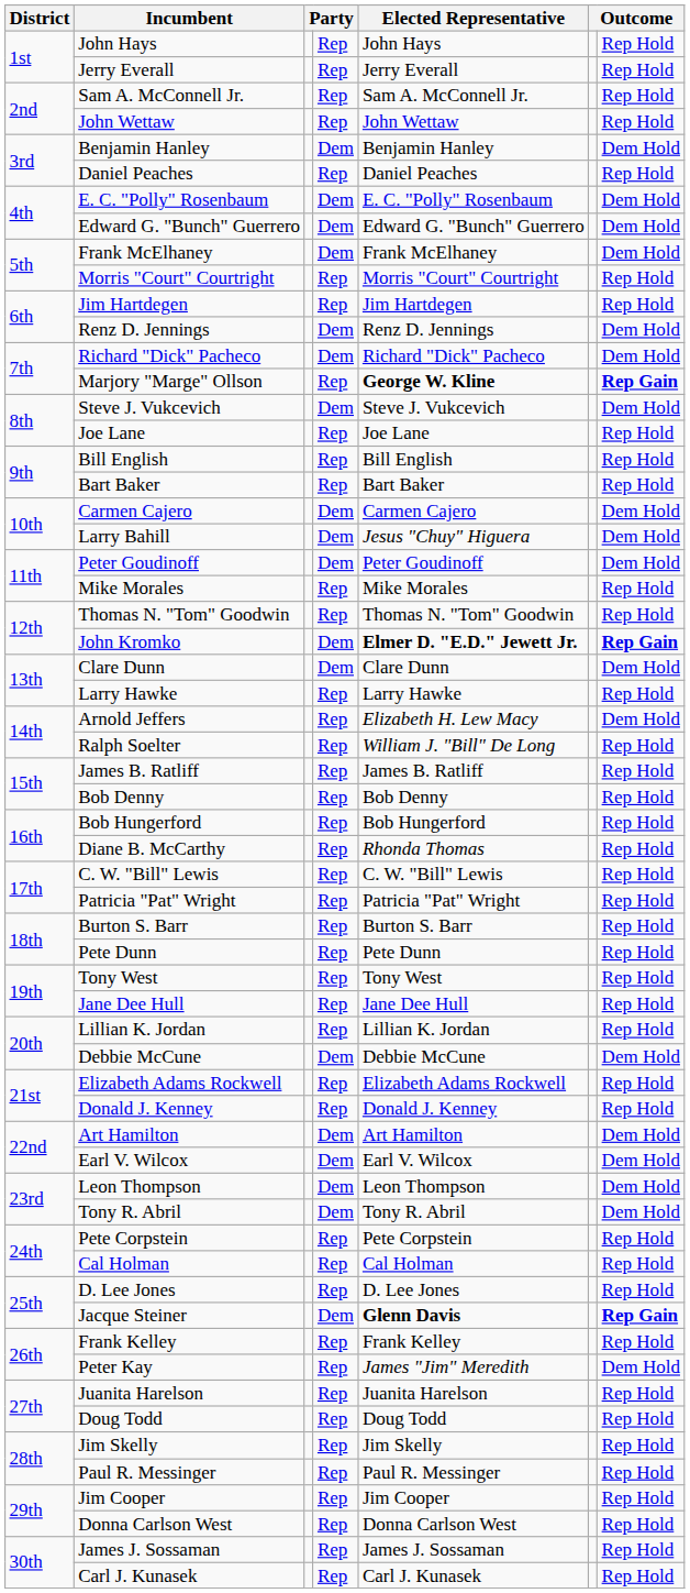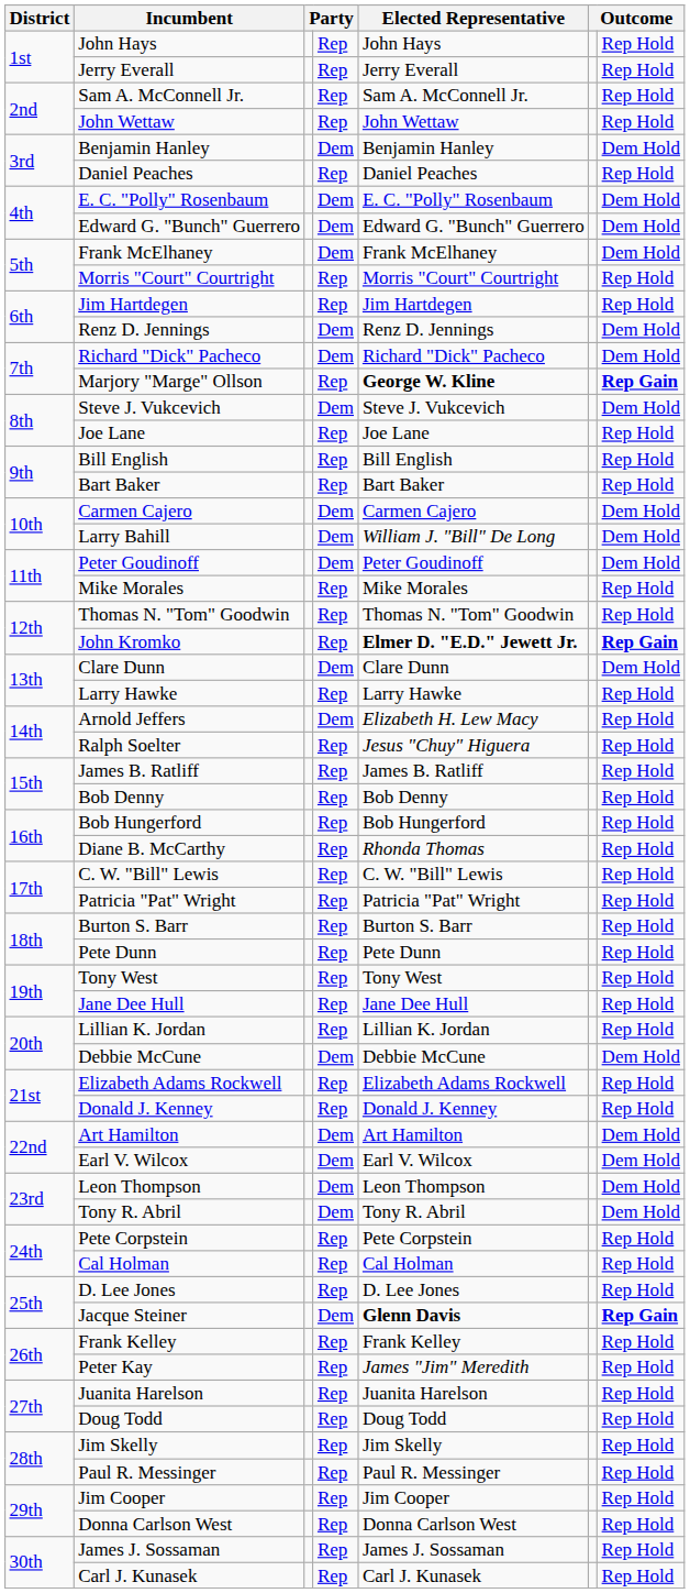 <table class="sortable wikitable" style="font-size:95%;line-height:14px;">
 <tr>
 <th>District</th>
 <th>Incumbent</th>
 <th colspan="2">Party</th>
 <th>Elected Representative</th>
 <th colspan="2">Outcome</th>
 </tr>
 <tr>
 <td rowspan="2"><a href='#'>1st</a></td>
 <td>John Hays</td>
 <td style="background:"></td>
 <td><a href='#'>Rep</a></td>
 <td>John Hays</td>
 <td style="background:"></td>
 <td><a href='#'>Rep Hold</a></td>
 </tr>
 <tr>
 <td>Jerry Everall</td>
 <td style="background:"></td>
 <td><a href='#'>Rep</a></td>
 <td>Jerry Everall</td>
 <td style="background:"></td>
 <td><a href='#'>Rep Hold</a></td>
 </tr>
 <tr>
 <td rowspan="2"><a href='#'>2nd</a></td>
 <td>Sam A. McConnell Jr.</td>
 <td style="background:"></td>
 <td><a href='#'>Rep</a></td>
 <td>Sam A. McConnell Jr.</td>
 <td style="background:"></td>
 <td><a href='#'>Rep Hold</a></td>
 </tr>
 <tr>
 <td><a href='#'>John Wettaw</a></td>
 <td style="background:"></td>
 <td><a href='#'>Rep</a></td>
 <td><a href='#'>John Wettaw</a></td>
 <td style="background:"></td>
 <td><a href='#'>Rep Hold</a></td>
 </tr>
 <tr>
 <td rowspan="2"><a href='#'>3rd</a></td>
 <td>Benjamin Hanley</td>
 <td style="background:"></td>
 <td><a href='#'>Dem</a></td>
 <td>Benjamin Hanley</td>
 <td style="background:"></td>
 <td><a href='#'>Dem Hold</a></td>
 </tr>
 <tr>
 <td>Daniel Peaches</td>
 <td style="background:"></td>
 <td><a href='#'>Rep</a></td>
 <td>Daniel Peaches</td>
 <td style="background:"></td>
 <td><a href='#'>Rep Hold</a></td>
 </tr>
 <tr>
 <td rowspan="2"><a href='#'>4th</a></td>
 <td><a href='#'>E. C. "Polly" Rosenbaum</a></td>
 <td style="background:"></td>
 <td><a href='#'>Dem</a></td>
 <td><a href='#'>E. C. "Polly" Rosenbaum</a></td>
 <td style="background:"></td>
 <td><a href='#'>Dem Hold</a></td>
 </tr>
 <tr>
 <td>Edward G. "Bunch" Guerrero</td>
 <td style="background:"></td>
 <td><a href='#'>Dem</a></td>
 <td>Edward G. "Bunch" Guerrero</td>
 <td style="background:"></td>
 <td><a href='#'>Dem Hold</a></td>
 </tr>
 <tr>
 <td rowspan="2"><a href='#'>5th</a></td>
 <td>Frank McElhaney</td>
 <td style="background:"></td>
 <td><a href='#'>Dem</a></td>
 <td>Frank McElhaney</td>
 <td style="background:"></td>
 <td><a href='#'>Dem Hold</a></td>
 </tr>
 <tr>
 <td><a href='#'>Morris "Court" Courtright</a></td>
 <td style="background:"></td>
 <td><a href='#'>Rep</a></td>
 <td><a href='#'>Morris "Court" Courtright</a></td>
 <td style="background:"></td>
 <td><a href='#'>Rep Hold</a></td>
 </tr>
 <tr>
 <td rowspan="2"><a href='#'>6th</a></td>
 <td><a href='#'>Jim Hartdegen</a></td>
 <td style="background:"></td>
 <td><a href='#'>Rep</a></td>
 <td><a href='#'>Jim Hartdegen</a></td>
 <td style="background:"></td>
 <td><a href='#'>Rep Hold</a></td>
 </tr>
 <tr>
 <td>Renz D. Jennings</td>
 <td style="background:"></td>
 <td><a href='#'>Dem</a></td>
 <td>Renz D. Jennings</td>
 <td style="background:"></td>
 <td><a href='#'>Dem Hold</a></td>
 </tr>
 <tr>
 <td rowspan="2"><a href='#'>7th</a></td>
 <td><a href='#'>Richard "Dick" Pacheco</a></td>
 <td style="background:"></td>
 <td><a href='#'>Dem</a></td>
 <td><a href='#'>Richard "Dick" Pacheco</a></td>
 <td style="background:"></td>
 <td><a href='#'>Dem Hold</a></td>
 </tr>
 <tr>
 <td>Marjory "Marge" Ollson</td>
 <td style="background:"></td>
 <td><a href='#'>Rep</a></td>
 <td><strong>George W. Kline</strong></td>
 <td style="background:"></td>
 <td><strong><a href='#'>Rep Gain</a></strong></td>
 </tr>
 <tr>
 <td rowspan="2"><a href='#'>8th</a></td>
 <td>Steve J. Vukcevich</td>
 <td style="background:"></td>
 <td><a href='#'>Dem</a></td>
 <td>Steve J. Vukcevich</td>
 <td style="background:"></td>
 <td><a href='#'>Dem Hold</a></td>
 </tr>
 <tr>
 <td>Joe Lane</td>
 <td style="background:"></td>
 <td><a href='#'>Rep</a></td>
 <td>Joe Lane</td>
 <td style="background:"></td>
 <td><a href='#'>Rep Hold</a></td>
 </tr>
 <tr>
 <td rowspan="2"><a href='#'>9th</a></td>
 <td>Bill English</td>
 <td style="background:"></td>
 <td><a href='#'>Rep</a></td>
 <td>Bill English</td>
 <td style="background:"></td>
 <td><a href='#'>Rep Hold</a></td>
 </tr>
 <tr>
 <td>Bart Baker</td>
 <td style="background:"></td>
 <td><a href='#'>Rep</a></td>
 <td>Bart Baker</td>
 <td style="background:"></td>
 <td><a href='#'>Rep Hold</a></td>
 </tr>
 <tr>
 <td rowspan="2"><a href='#'>10th</a></td>
 <td><a href='#'>Carmen Cajero</a></td>
 <td style="background:"></td>
 <td><a href='#'>Dem</a></td>
 <td><a href='#'>Carmen Cajero</a></td>
 <td style="background:"></td>
 <td><a href='#'>Dem Hold</a></td>
 </tr>
 <tr>
 <td>Larry Bahill</td>
 <td style="background:"></td>
 <td><a href='#'>Dem</a></td>
-<td><em>Jesus "Chuy" Higuera</em></td>
+<td><em>William J. "Bill" De Long</em></td>
 <td style="background:"></td>
 <td><a href='#'>Dem Hold</a></td>
 </tr>
 <tr>
 <td rowspan="2"><a href='#'>11th</a></td>
 <td><a href='#'>Peter Goudinoff</a></td>
 <td style="background:"></td>
 <td><a href='#'>Dem</a></td>
 <td><a href='#'>Peter Goudinoff</a></td>
 <td style="background:"></td>
 <td><a href='#'>Dem Hold</a></td>
 </tr>
 <tr>
 <td>Mike Morales</td>
 <td style="background:"></td>
 <td><a href='#'>Rep</a></td>
 <td>Mike Morales</td>
 <td style="background:"></td>
 <td><a href='#'>Rep Hold</a></td>
 </tr>
 <tr>
 <td rowspan="2"><a href='#'>12th</a></td>
 <td>Thomas N. "Tom" Goodwin</td>
 <td style="background:"></td>
 <td><a href='#'>Rep</a></td>
 <td>Thomas N. "Tom" Goodwin</td>
 <td style="background:"></td>
 <td><a href='#'>Rep Hold</a></td>
 </tr>
 <tr>
 <td><a href='#'>John Kromko</a></td>
 <td style="background:"></td>
-<td><a href='#'>Dem</a></td>
+<td><a href='#'>Rep</a></td>
 <td><strong>Elmer D. "E.D." Jewett Jr.</strong></td>
 <td style="background:"></td>
 <td><strong><a href='#'>Rep Gain</a></strong></td>
 </tr>
 <tr>
 <td rowspan="2"><a href='#'>13th</a></td>
 <td>Clare Dunn</td>
 <td style="background:"></td>
 <td><a href='#'>Dem</a></td>
 <td>Clare Dunn</td>
 <td style="background:"></td>
 <td><a href='#'>Dem Hold</a></td>
 </tr>
 <tr>
 <td>Larry Hawke</td>
 <td style="background:"></td>
 <td><a href='#'>Rep</a></td>
 <td>Larry Hawke</td>
 <td style="background:"></td>
 <td><a href='#'>Rep Hold</a></td>
 </tr>
 <tr>
 <td rowspan="2"><a href='#'>14th</a></td>
 <td>Arnold Jeffers</td>
 <td style="background:"></td>
-<td><a href='#'>Rep</a></td>
+<td><a href='#'>Dem</a></td>
 <td><em>Elizabeth H. Lew Macy</em></td>
 <td style="background:"></td>
-<td><a href='#'>Dem Hold</a></td>
+<td><a href='#'>Rep Hold</a></td>
 </tr>
 <tr>
 <td>Ralph Soelter</td>
 <td style="background:"></td>
 <td><a href='#'>Rep</a></td>
-<td><em>William J. "Bill" De Long</em></td>
+<td><em>Jesus "Chuy" Higuera</em></td>
 <td style="background:"></td>
 <td><a href='#'>Rep Hold</a></td>
 </tr>
 <tr>
 <td rowspan="2"><a href='#'>15th</a></td>
 <td>James B. Ratliff</td>
 <td style="background:"></td>
 <td><a href='#'>Rep</a></td>
 <td>James B. Ratliff</td>
 <td style="background:"></td>
 <td><a href='#'>Rep Hold</a></td>
 </tr>
 <tr>
 <td>Bob Denny</td>
 <td style="background:"></td>
 <td><a href='#'>Rep</a></td>
 <td>Bob Denny</td>
 <td style="background:"></td>
 <td><a href='#'>Rep Hold</a></td>
 </tr>
 <tr>
 <td rowspan="2"><a href='#'>16th</a></td>
 <td>Bob Hungerford</td>
 <td style="background:"></td>
 <td><a href='#'>Rep</a></td>
 <td>Bob Hungerford</td>
 <td style="background:"></td>
 <td><a href='#'>Rep Hold</a></td>
 </tr>
 <tr>
 <td>Diane B. McCarthy</td>
 <td style="background:"></td>
 <td><a href='#'>Rep</a></td>
 <td><em>Rhonda Thomas</em></td>
 <td style="background:"></td>
 <td><a href='#'>Rep Hold</a></td>
 </tr>
 <tr>
 <td rowspan="2"><a href='#'>17th</a></td>
 <td>C. W. "Bill" Lewis</td>
 <td style="background:"></td>
 <td><a href='#'>Rep</a></td>
 <td>C. W. "Bill" Lewis</td>
 <td style="background:"></td>
 <td><a href='#'>Rep Hold</a></td>
 </tr>
 <tr>
 <td>Patricia "Pat" Wright</td>
 <td style="background:"></td>
 <td><a href='#'>Rep</a></td>
 <td>Patricia "Pat" Wright</td>
 <td style="background:"></td>
 <td><a href='#'>Rep Hold</a></td>
 </tr>
 <tr>
 <td rowspan="2"><a href='#'>18th</a></td>
 <td>Burton S. Barr</td>
 <td style="background:"></td>
 <td><a href='#'>Rep</a></td>
 <td>Burton S. Barr</td>
 <td style="background:"></td>
 <td><a href='#'>Rep Hold</a></td>
 </tr>
 <tr>
 <td>Pete Dunn</td>
 <td style="background:"></td>
 <td><a href='#'>Rep</a></td>
 <td>Pete Dunn</td>
 <td style="background:"></td>
 <td><a href='#'>Rep Hold</a></td>
 </tr>
 <tr>
 <td rowspan="2"><a href='#'>19th</a></td>
 <td>Tony West</td>
 <td style="background:"></td>
 <td><a href='#'>Rep</a></td>
 <td>Tony West</td>
 <td style="background:"></td>
 <td><a href='#'>Rep Hold</a></td>
 </tr>
 <tr>
 <td><a href='#'>Jane Dee Hull</a></td>
 <td style="background:"></td>
 <td><a href='#'>Rep</a></td>
 <td><a href='#'>Jane Dee Hull</a></td>
 <td style="background:"></td>
 <td><a href='#'>Rep Hold</a></td>
 </tr>
 <tr>
 <td rowspan="2"><a href='#'>20th</a></td>
 <td>Lillian K. Jordan</td>
 <td style="background:"></td>
 <td><a href='#'>Rep</a></td>
 <td>Lillian K. Jordan</td>
 <td style="background:"></td>
 <td><a href='#'>Rep Hold</a></td>
 </tr>
 <tr>
 <td>Debbie McCune</td>
 <td style="background:"></td>
 <td><a href='#'>Dem</a></td>
 <td>Debbie McCune</td>
 <td style="background:"></td>
 <td><a href='#'>Dem Hold</a></td>
 </tr>
 <tr>
 <td rowspan="2"><a href='#'>21st</a></td>
 <td><a href='#'>Elizabeth Adams Rockwell</a></td>
 <td style="background:"></td>
 <td><a href='#'>Rep</a></td>
 <td><a href='#'>Elizabeth Adams Rockwell</a></td>
 <td style="background:"></td>
 <td><a href='#'>Rep Hold</a></td>
 </tr>
 <tr>
 <td><a href='#'>Donald J. Kenney</a></td>
 <td style="background:"></td>
 <td><a href='#'>Rep</a></td>
 <td><a href='#'>Donald J. Kenney</a></td>
 <td style="background:"></td>
 <td><a href='#'>Rep Hold</a></td>
 </tr>
 <tr>
 <td rowspan="2"><a href='#'>22nd</a></td>
 <td><a href='#'>Art Hamilton</a></td>
 <td style="background:"></td>
 <td><a href='#'>Dem</a></td>
 <td><a href='#'>Art Hamilton</a></td>
 <td style="background:"></td>
 <td><a href='#'>Dem Hold</a></td>
 </tr>
 <tr>
 <td>Earl V. Wilcox</td>
 <td style="background:"></td>
 <td><a href='#'>Dem</a></td>
 <td>Earl V. Wilcox</td>
 <td style="background:"></td>
 <td><a href='#'>Dem Hold</a></td>
 </tr>
 <tr>
 <td rowspan="2"><a href='#'>23rd</a></td>
 <td>Leon Thompson</td>
 <td style="background:"></td>
 <td><a href='#'>Dem</a></td>
 <td>Leon Thompson</td>
 <td style="background:"></td>
 <td><a href='#'>Dem Hold</a></td>
 </tr>
 <tr>
 <td>Tony R. Abril</td>
 <td style="background:"></td>
 <td><a href='#'>Dem</a></td>
 <td>Tony R. Abril</td>
 <td style="background:"></td>
 <td><a href='#'>Dem Hold</a></td>
 </tr>
 <tr>
 <td rowspan="2"><a href='#'>24th</a></td>
 <td>Pete Corpstein</td>
 <td style="background:"></td>
 <td><a href='#'>Rep</a></td>
 <td>Pete Corpstein</td>
 <td style="background:"></td>
 <td><a href='#'>Rep Hold</a></td>
 </tr>
 <tr>
 <td><a href='#'>Cal Holman</a></td>
 <td style="background:"></td>
 <td><a href='#'>Rep</a></td>
 <td><a href='#'>Cal Holman</a></td>
 <td style="background:"></td>
 <td><a href='#'>Rep Hold</a></td>
 </tr>
 <tr>
 <td rowspan="2"><a href='#'>25th</a></td>
 <td>D. Lee Jones</td>
 <td style="background:"></td>
 <td><a href='#'>Rep</a></td>
 <td>D. Lee Jones</td>
 <td style="background:"></td>
 <td><a href='#'>Rep Hold</a></td>
 </tr>
 <tr>
 <td>Jacque Steiner</td>
 <td style="background:"></td>
 <td><a href='#'>Dem</a></td>
 <td><strong>Glenn Davis</strong></td>
 <td style="background:"></td>
 <td><strong><a href='#'>Rep Gain</a></strong></td>
 </tr>
 <tr>
 <td rowspan="2"><a href='#'>26th</a></td>
 <td>Frank Kelley</td>
 <td style="background:"></td>
 <td><a href='#'>Rep</a></td>
 <td>Frank Kelley</td>
 <td style="background:"></td>
 <td><a href='#'>Rep Hold</a></td>
 </tr>
 <tr>
 <td>Peter Kay</td>
 <td style="background:"></td>
 <td><a href='#'>Rep</a></td>
 <td><em>James "Jim" Meredith</em></td>
 <td style="background:"></td>
-<td><a href='#'>Dem Hold</a></td>
+<td><a href='#'>Rep Hold</a></td>
 </tr>
 <tr>
 <td rowspan="2"><a href='#'>27th</a></td>
 <td>Juanita Harelson</td>
 <td style="background:"></td>
 <td><a href='#'>Rep</a></td>
 <td>Juanita Harelson</td>
 <td style="background:"></td>
 <td><a href='#'>Rep Hold</a></td>
 </tr>
 <tr>
 <td>Doug Todd</td>
 <td style="background:"></td>
 <td><a href='#'>Rep</a></td>
 <td>Doug Todd</td>
 <td style="background:"></td>
 <td><a href='#'>Rep Hold</a></td>
 </tr>
 <tr>
 <td rowspan="2"><a href='#'>28th</a></td>
 <td>Jim Skelly</td>
 <td style="background:"></td>
 <td><a href='#'>Rep</a></td>
 <td>Jim Skelly</td>
 <td style="background:"></td>
 <td><a href='#'>Rep Hold</a></td>
 </tr>
 <tr>
 <td>Paul R. Messinger</td>
 <td style="background:"></td>
 <td><a href='#'>Rep</a></td>
 <td>Paul R. Messinger</td>
 <td style="background:"></td>
 <td><a href='#'>Rep Hold</a></td>
 </tr>
 <tr>
 <td rowspan="2"><a href='#'>29th</a></td>
 <td>Jim Cooper</td>
 <td style="background:"></td>
 <td><a href='#'>Rep</a></td>
 <td>Jim Cooper</td>
 <td style="background:"></td>
 <td><a href='#'>Rep Hold</a></td>
 </tr>
 <tr>
 <td>Donna Carlson West</td>
 <td style="background:"></td>
 <td><a href='#'>Rep</a></td>
 <td>Donna Carlson West</td>
 <td style="background:"></td>
 <td><a href='#'>Rep Hold</a></td>
 </tr>
 <tr>
 <td rowspan="2"><a href='#'>30th</a></td>
 <td>James J. Sossaman</td>
 <td style="background:"></td>
 <td><a href='#'>Rep</a></td>
 <td>James J. Sossaman</td>
 <td style="background:"></td>
 <td><a href='#'>Rep Hold</a></td>
 </tr>
 <tr>
 <td>Carl J. Kunasek</td>
 <td style="background:"></td>
 <td><a href='#'>Rep</a></td>
 <td>Carl J. Kunasek</td>
 <td style="background:"></td>
 <td><a href='#'>Rep Hold</a></td>
 </tr>
 <tr>
 </tr>
 </table>
